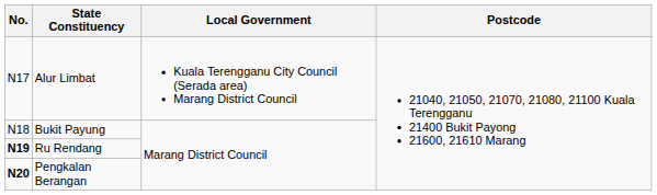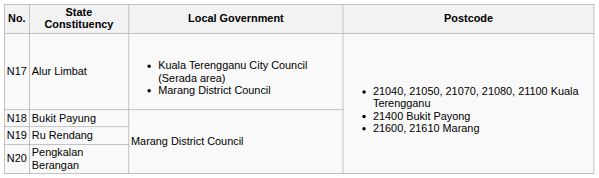 <table class="wikitable">
 <tr>
 <th>No.</th>
 <th>State Constituency</th>
 <th>Local Government</th>
 <th>Postcode</th>
 </tr>
 <tr>
 <td>N17</td>
 <td>Alur Limbat</td>
 <td><br><ul><li>Kuala Terengganu City Council (Serada area)</li><li>Marang District Council</li></ul></td>
 <td rowspan="4"><br><ul><li>21040, 21050, 21070, 21080, 21100 Kuala Terengganu</li><li>21400 Bukit Payong</li><li>21600, 21610 Marang</li></ul></td>
 </tr>
 <tr>
 <td>N18</td>
 <td>Bukit Payung</td>
 <td rowspan="3">Marang District Council</td>
 </tr>
 <tr>
-<td><strong>N19</strong></td>
+<td>N19</td>
 <td>Ru Rendang</td>
 </tr>
 <tr>
-<td><strong>N20</strong></td>
+<td>N20</td>
 <td>Pengkalan Berangan</td>
 </tr>
 </table>
